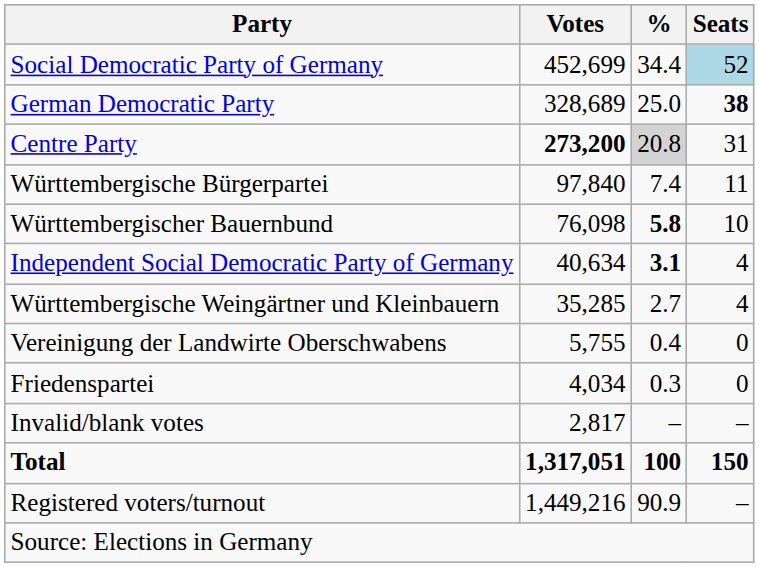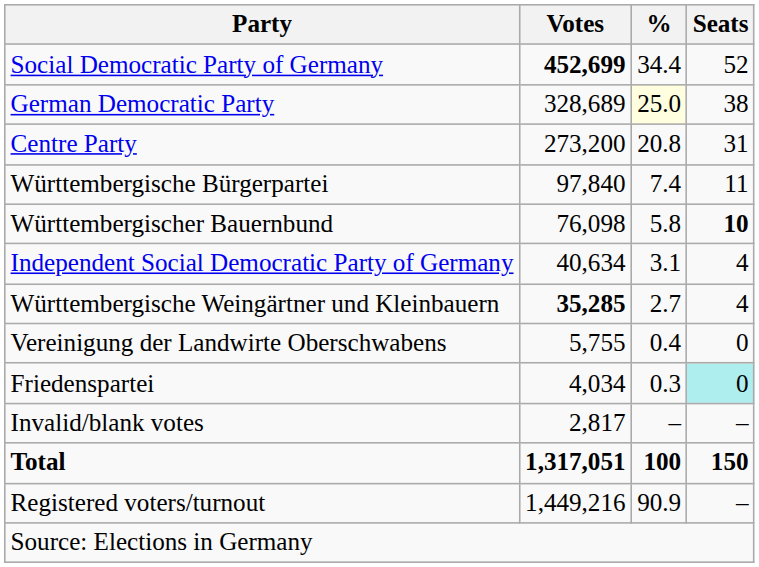 <table class="wikitable" style="text-align:right">
 <tr>
 <th>Party</th>
 <th>Votes</th>
 <th>%</th>
 <th>Seats</th>
 </tr>
 <tr>
 <td align="left"><a href='#'>Social Democratic Party of Germany</a></td>
-<td>452,699</td>
+<td><strong>452,699</strong></td>
 <td>34.4</td>
-<td style="background: lightblue;">52</td>
+<td>52</td>
 </tr>
 <tr>
 <td align="left"><a href='#'>German Democratic Party</a></td>
 <td>328,689</td>
-<td>25.0</td>
-<td><strong>38</strong></td>
+<td style="background: lightyellow;">25.0</td>
+<td>38</td>
 </tr>
 <tr>
 <td align="left"><a href='#'>Centre Party</a></td>
-<td><strong>273,200</strong></td>
-<td style="background: lightgrey;">20.8</td>
+<td>273,200</td>
+<td>20.8</td>
 <td>31</td>
 </tr>
 <tr>
 <td align="left">Württembergische Bürgerpartei</td>
 <td>97,840</td>
 <td>7.4</td>
 <td>11</td>
 </tr>
 <tr>
 <td align="left">Württembergischer Bauernbund</td>
 <td>76,098</td>
-<td><strong>5.8</strong></td>
-<td>10</td>
+<td>5.8</td>
+<td><strong>10</strong></td>
 </tr>
 <tr>
 <td align="left"><a href='#'>Independent Social Democratic Party of Germany</a></td>
 <td>40,634</td>
-<td><strong>3.1</strong></td>
+<td>3.1</td>
 <td>4</td>
 </tr>
 <tr>
 <td align="left">Württembergische Weingärtner und Kleinbauern</td>
-<td>35,285</td>
+<td><strong>35,285</strong></td>
 <td>2.7</td>
 <td>4</td>
 </tr>
 <tr>
 <td align="left">Vereinigung der Landwirte Oberschwabens</td>
 <td>5,755</td>
 <td>0.4</td>
 <td>0</td>
 </tr>
 <tr>
 <td align="left">Friedenspartei</td>
 <td>4,034</td>
 <td>0.3</td>
-<td>0</td>
+<td style="background: paleturquoise;">0</td>
 </tr>
 <tr>
 <td align="left">Invalid/blank votes</td>
 <td>2,817</td>
 <td>–</td>
 <td>–</td>
 </tr>
 <tr>
 <td align="left"><strong>Total</strong></td>
 <td><strong>1,317,051</strong></td>
 <td><strong>100</strong></td>
 <td><strong>150</strong></td>
 </tr>
 <tr>
 <td align="left">Registered voters/turnout</td>
 <td>1,449,216</td>
 <td>90.9</td>
 <td>–</td>
 </tr>
 <tr>
 <td colspan="4" align="left">Source: Elections in Germany</td>
 </tr>
 </table>
